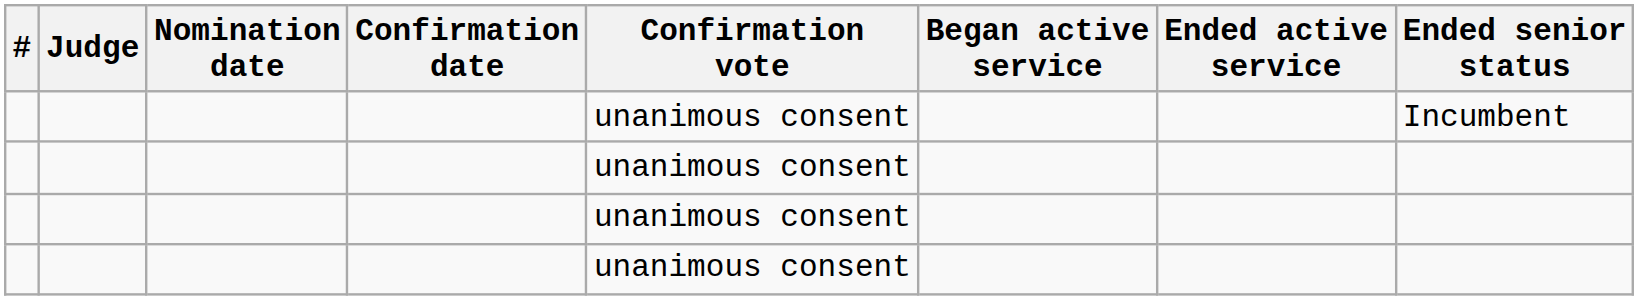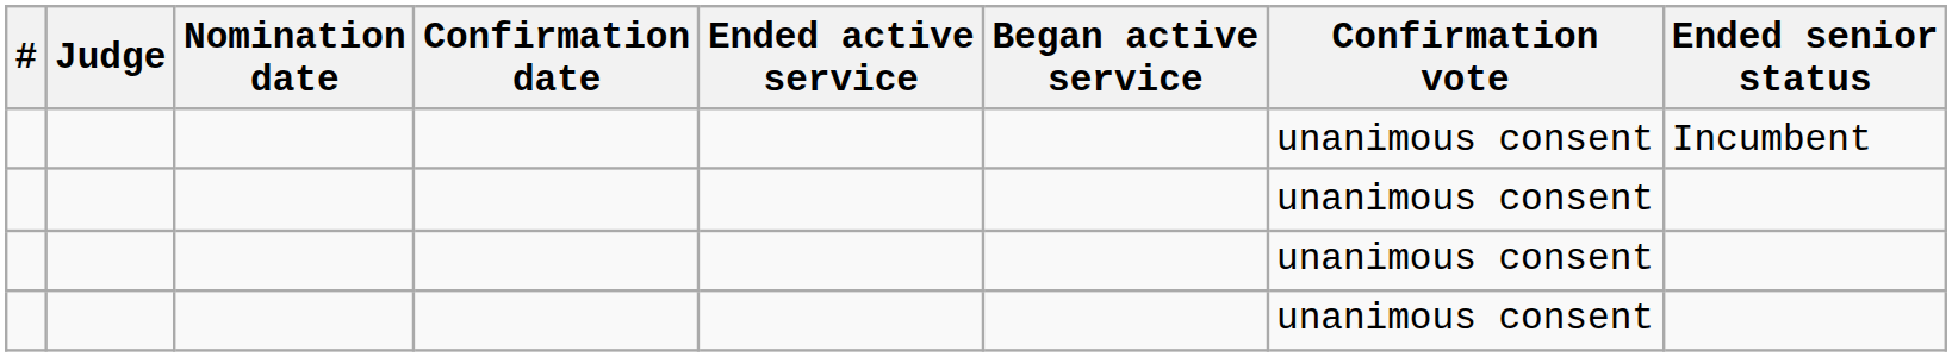 <table class="sortable wikitable">
 <tr bgcolor="#ececec">
 <th>#</th>
 <th>Judge</th>
 <th>Nomination<br>date</th>
 <th>Confirmation<br>date</th>
+<th>Ended active<br>service</th>
+<th>Began active<br>service</th>
 <th>Confirmation<br>vote</th>
-<th>Began active<br>service</th>
-<th>Ended active<br>service</th>
 <th>Ended senior<br>status</th>
 </tr>
 <tr>
 <td></td>
 <td></td>
 <td></td>
 <td></td>
-<td>unanimous consent</td>
 <td></td>
 <td></td>
+<td>unanimous consent</td>
 <td>Incumbent</td>
 </tr>
 <tr>
 <td></td>
 <td></td>
 <td></td>
 <td></td>
-<td>unanimous consent</td>
 <td></td>
 <td></td>
+<td>unanimous consent</td>
 <td></td>
 </tr>
 <tr>
 <td></td>
 <td></td>
 <td></td>
 <td></td>
-<td>unanimous consent</td>
 <td></td>
 <td></td>
+<td>unanimous consent</td>
 <td></td>
 </tr>
 <tr>
 <td></td>
 <td></td>
 <td></td>
 <td></td>
-<td>unanimous consent</td>
 <td></td>
 <td></td>
+<td>unanimous consent</td>
 <td></td>
 </tr>
 </table>
